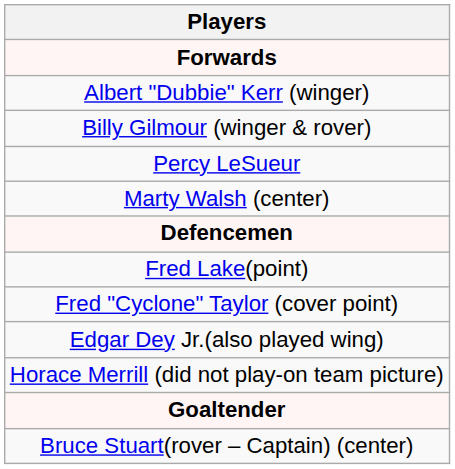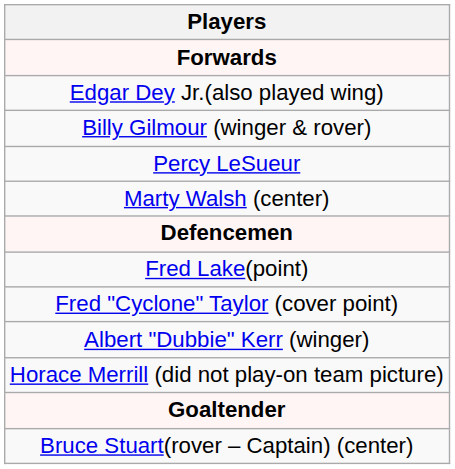 <table class="wikitable" style="text-align:center;">
 <tr>
 <th>Players</th>
 </tr>
 <tr style="font-weight:bold; background-color:#FFF5F5;">
 <td colspan="1" align="center"><strong>Forwards</strong></td>
 </tr>
 <tr>
-<td><a href='#'>Albert "Dubbie" Kerr</a> (winger)</td>
+<td><a href='#'>Edgar Dey</a> Jr.(also played wing)</td>
 </tr>
 <tr>
 <td><a href='#'>Billy Gilmour</a> (winger & rover)</td>
 </tr>
 <tr>
 <td><a href='#'>Percy LeSueur</a></td>
 </tr>
 <tr>
 <td><a href='#'>Marty Walsh</a> (center)</td>
 </tr>
 <tr style="font-weight:bold; background-color:#FFF5F5;">
 <td colspan="1" align="center"><strong>Defencemen</strong></td>
 </tr>
 <tr>
 <td><a href='#'>Fred Lake</a>(point)</td>
 </tr>
 <tr>
 <td><a href='#'>Fred "Cyclone" Taylor</a> (cover point)</td>
 </tr>
 <tr>
-<td><a href='#'>Edgar Dey</a> Jr.(also played wing)</td>
+<td><a href='#'>Albert "Dubbie" Kerr</a> (winger)</td>
 </tr>
 <tr>
 <td><a href='#'>Horace Merrill</a> (did not play-on team picture)</td>
 </tr>
 <tr style="font-weight:bold; background-color:#FFF5F5;">
 <td colspan="1" align="center"><strong>Goaltender</strong></td>
 </tr>
 <tr>
 <td><a href='#'>Bruce Stuart</a>(rover – Captain) (center)</td>
 </tr>
 </table>
